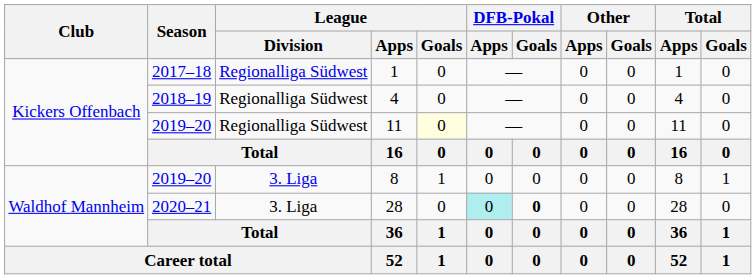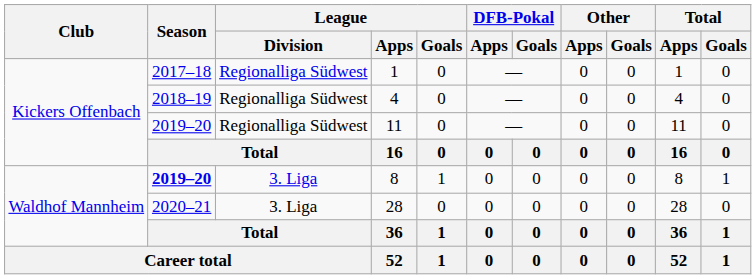 <table class="wikitable" style="text-align: center">
 <tr>
 <th rowspan="2">Club</th>
 <th rowspan="2">Season</th>
 <th colspan="3">League</th>
 <th colspan="2"><a href='#'>DFB-Pokal</a></th>
 <th colspan="2">Other</th>
 <th colspan="2">Total</th>
 </tr>
 <tr>
 <th>Division</th>
 <th>Apps</th>
 <th>Goals</th>
 <th>Apps</th>
 <th>Goals</th>
 <th>Apps</th>
 <th>Goals</th>
 <th>Apps</th>
 <th>Goals</th>
 </tr>
 <tr>
 <td rowspan="4"><a href='#'>Kickers Offenbach</a></td>
 <td><a href='#'>2017–18</a></td>
 <td><a href='#'>Regionalliga Südwest</a></td>
 <td>1</td>
 <td>0</td>
 <td colspan="2">—</td>
 <td>0</td>
 <td>0</td>
 <td>1</td>
 <td>0</td>
 </tr>
 <tr>
 <td><a href='#'>2018–19</a></td>
 <td>Regionalliga Südwest</td>
 <td>4</td>
 <td>0</td>
 <td colspan="2">—</td>
 <td>0</td>
 <td>0</td>
 <td>4</td>
 <td>0</td>
 </tr>
 <tr>
 <td><a href='#'>2019–20</a></td>
 <td>Regionalliga Südwest</td>
 <td>11</td>
-<td style="background: lightyellow;">0</td>
+<td>0</td>
 <td colspan="2">—</td>
 <td>0</td>
 <td>0</td>
 <td>11</td>
 <td>0</td>
 </tr>
 <tr>
 <th colspan="2">Total</th>
 <th>16</th>
 <th>0</th>
 <th>0</th>
 <th>0</th>
 <th>0</th>
 <th>0</th>
 <th>16</th>
 <th>0</th>
 </tr>
 <tr>
 <td rowspan="3"><a href='#'>Waldhof Mannheim</a></td>
-<td><a href='#'>2019–20</a></td>
+<td><strong><a href='#'>2019–20</a></strong></td>
 <td><a href='#'>3. Liga</a></td>
 <td>8</td>
 <td>1</td>
 <td>0</td>
 <td>0</td>
 <td>0</td>
 <td>0</td>
 <td>8</td>
 <td>1</td>
 </tr>
 <tr>
 <td><a href='#'>2020–21</a></td>
 <td>3. Liga</td>
 <td>28</td>
 <td>0</td>
-<td style="background: paleturquoise;">0</td>
-<td><strong>0</strong></td>
+<td>0</td>
+<td>0</td>
 <td>0</td>
 <td>0</td>
 <td>28</td>
 <td>0</td>
 </tr>
 <tr>
 <th colspan="2">Total</th>
 <th>36</th>
 <th>1</th>
 <th>0</th>
 <th>0</th>
 <th>0</th>
 <th>0</th>
 <th>36</th>
 <th>1</th>
 </tr>
 <tr>
 <th colspan="3">Career total</th>
 <th>52</th>
 <th>1</th>
 <th>0</th>
 <th>0</th>
 <th>0</th>
 <th>0</th>
 <th>52</th>
 <th>1</th>
 </tr>
 </table>
